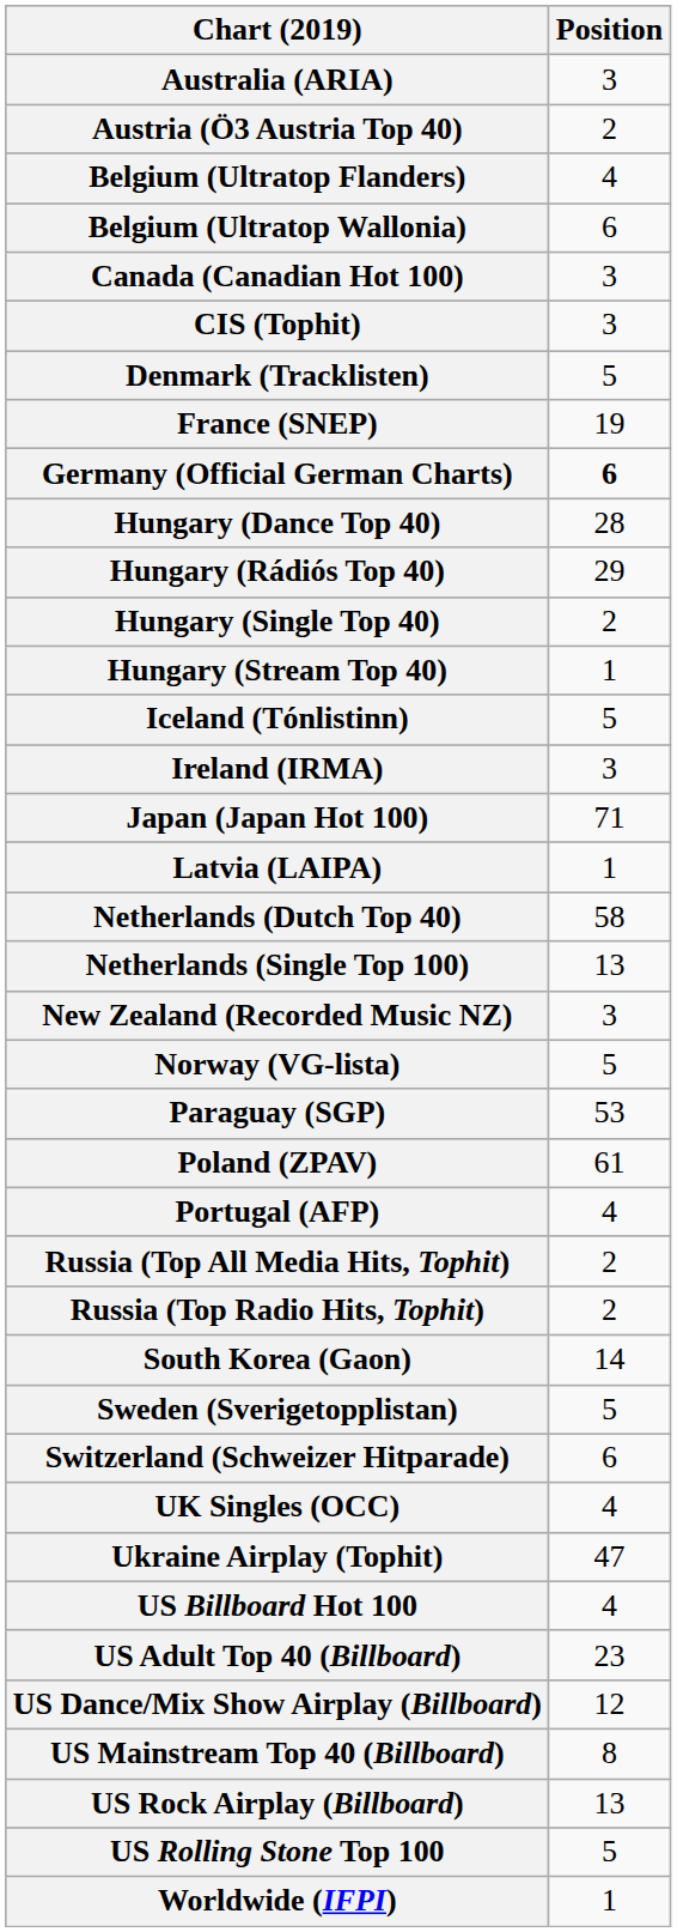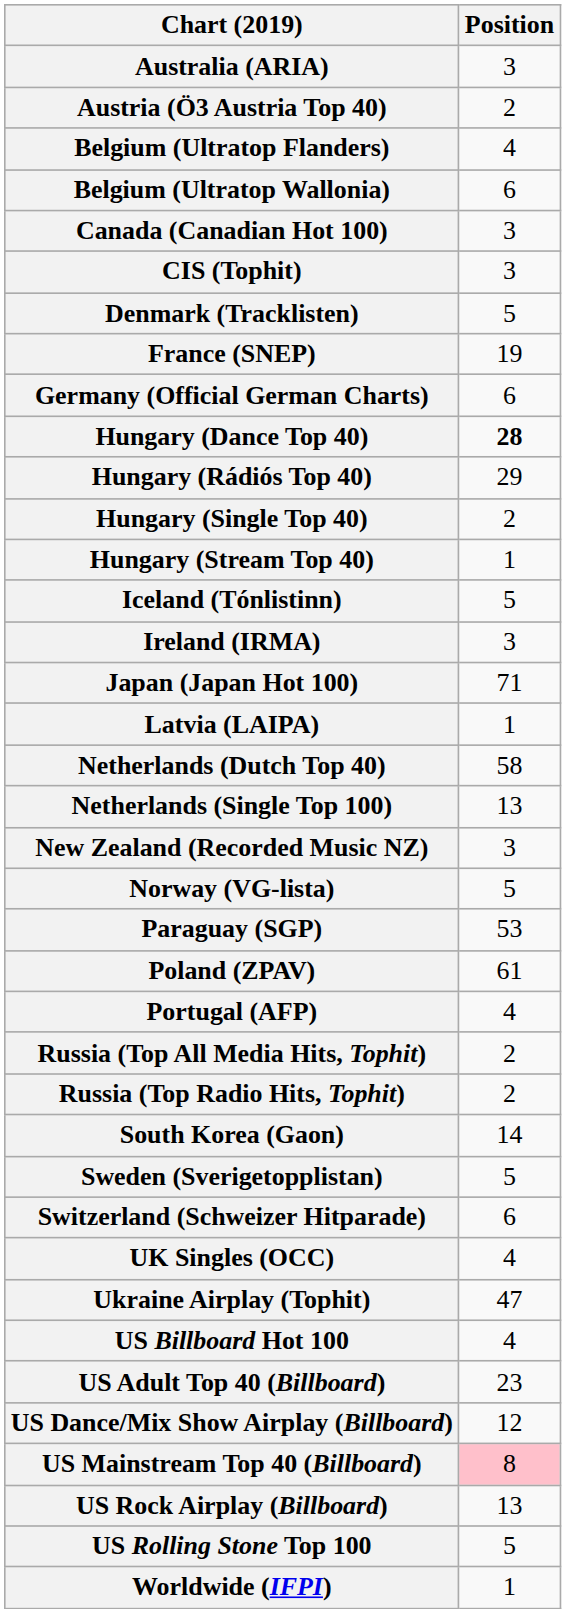 <table class="wikitable sortable plainrowheaders" style="text-align:center">
 <tr>
 <th>Chart (2019)</th>
 <th>Position</th>
 </tr>
 <tr>
 <th scope="row">Australia (ARIA)</th>
 <td>3</td>
 </tr>
 <tr>
 <th scope="row">Austria (Ö3 Austria Top 40)</th>
 <td>2</td>
 </tr>
 <tr>
 <th scope="row">Belgium (Ultratop Flanders)</th>
 <td>4</td>
 </tr>
 <tr>
 <th scope="row">Belgium (Ultratop Wallonia)</th>
 <td>6</td>
 </tr>
 <tr>
 <th scope="row">Canada (Canadian Hot 100)</th>
 <td>3</td>
 </tr>
 <tr>
 <th scope="row">CIS (Tophit)</th>
 <td>3</td>
 </tr>
 <tr>
 <th scope="row">Denmark (Tracklisten)</th>
 <td>5</td>
 </tr>
 <tr>
 <th scope="row">France (SNEP)</th>
 <td>19</td>
 </tr>
 <tr>
 <th scope="row">Germany (Official German Charts)</th>
-<td><strong>6</strong></td>
+<td>6</td>
 </tr>
 <tr>
 <th scope="row">Hungary (Dance Top 40)</th>
-<td>28</td>
+<td><strong>28</strong></td>
 </tr>
 <tr>
 <th scope="row">Hungary (Rádiós Top 40)</th>
 <td>29</td>
 </tr>
 <tr>
 <th scope="row">Hungary (Single Top 40)</th>
 <td>2</td>
 </tr>
 <tr>
 <th scope="row">Hungary (Stream Top 40)</th>
 <td>1</td>
 </tr>
 <tr>
 <th scope="row">Iceland (Tónlistinn)</th>
 <td>5</td>
 </tr>
 <tr>
 <th scope="row">Ireland (IRMA)</th>
 <td>3</td>
 </tr>
 <tr>
 <th scope="row">Japan (Japan Hot 100)</th>
 <td>71</td>
 </tr>
 <tr>
 <th scope="row">Latvia (LAIPA)</th>
 <td>1</td>
 </tr>
 <tr>
 <th scope="row">Netherlands (Dutch Top 40)</th>
 <td>58</td>
 </tr>
 <tr>
 <th scope="row">Netherlands (Single Top 100)</th>
 <td>13</td>
 </tr>
 <tr>
 <th scope="row">New Zealand (Recorded Music NZ)</th>
 <td>3</td>
 </tr>
 <tr>
 <th scope="row">Norway (VG-lista)</th>
 <td>5</td>
 </tr>
 <tr>
 <th scope="row">Paraguay (SGP)</th>
 <td>53</td>
 </tr>
 <tr>
 <th scope="row">Poland (ZPAV)</th>
 <td>61</td>
 </tr>
 <tr>
 <th scope="row">Portugal (AFP)</th>
 <td>4</td>
 </tr>
 <tr>
 <th scope="row">Russia (Top All Media Hits, <em>Tophit</em>)</th>
 <td align=center>2</td>
 </tr>
 <tr>
 <th scope="row">Russia (Top Radio Hits, <em>Tophit</em>)</th>
 <td align=center>2</td>
 </tr>
 <tr>
 <th scope="row">South Korea (Gaon)</th>
 <td>14</td>
 </tr>
 <tr>
 <th scope="row">Sweden (Sverigetopplistan)</th>
 <td>5</td>
 </tr>
 <tr>
 <th scope="row">Switzerland (Schweizer Hitparade)</th>
 <td>6</td>
 </tr>
 <tr>
 <th scope="row">UK Singles (OCC)</th>
 <td>4</td>
 </tr>
 <tr>
 <th scope="row">Ukraine Airplay (Tophit)</th>
 <td>47</td>
 </tr>
 <tr>
 <th scope="row">US <em>Billboard</em> Hot 100</th>
 <td>4</td>
 </tr>
 <tr>
 <th scope="row">US Adult Top 40 (<em>Billboard</em>)</th>
 <td>23</td>
 </tr>
 <tr>
 <th scope="row">US Dance/Mix Show Airplay (<em>Billboard</em>)</th>
 <td>12</td>
 </tr>
 <tr>
 <th scope="row">US Mainstream Top 40 (<em>Billboard</em>)</th>
-<td>8</td>
+<td style="background: pink;">8</td>
 </tr>
 <tr>
 <th scope="row">US Rock Airplay (<em>Billboard</em>)</th>
 <td>13</td>
 </tr>
 <tr>
 <th scope="row">US <em>Rolling Stone</em> Top 100</th>
 <td>5</td>
 </tr>
 <tr>
 <th scope="row">Worldwide (<em><a href='#'>IFPI</a></em>)</th>
 <td>1</td>
 </tr>
 </table>
